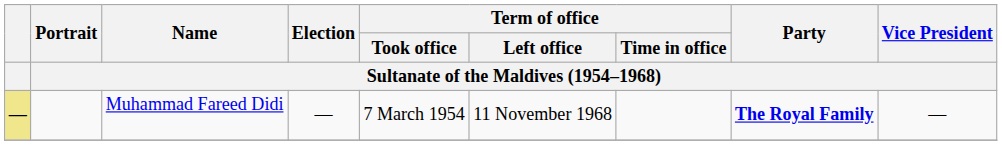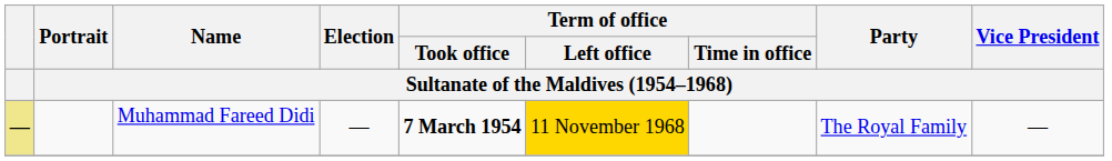 <table class="wikitable" style="text-align:center; font-size:100%;">
 <tr>
 <th rowspan="2"></th>
 <th rowspan="2">Portrait</th>
 <th rowspan="2">Name<br></th>
 <th rowspan="2">Election</th>
 <th colspan="3">Term of office</th>
 <th rowspan="2">Party</th>
 <th colspan="2" rowspan="2"><a href='#'>Vice President</a></th>
 </tr>
 <tr>
 <th>Took office</th>
 <th>Left office</th>
 <th>Time in office</th>
 </tr>
 <tr>
 <th></th>
 <th colspan="10"> Sultanate of the Maldives (1954–1968)</th>
 </tr>
 <tr>
 <th style="background:Khaki">—</th>
 <td></td>
 <td><a href='#'>Muhammad Fareed Didi</a><br><br></td>
 <td>—</td>
-<td>7 March 1954</td>
-<td>11 November 1968</td>
+<td><strong>7 March 1954</strong></td>
+<td style="background: gold;">11 November 1968</td>
 <td></td>
-<td><strong><a href='#'>The Royal Family</a></strong></td>
+<td><a href='#'>The Royal Family</a></td>
 <td colspan="2">—</td>
 </tr>
 <tr>
 </tr>
 </table>
